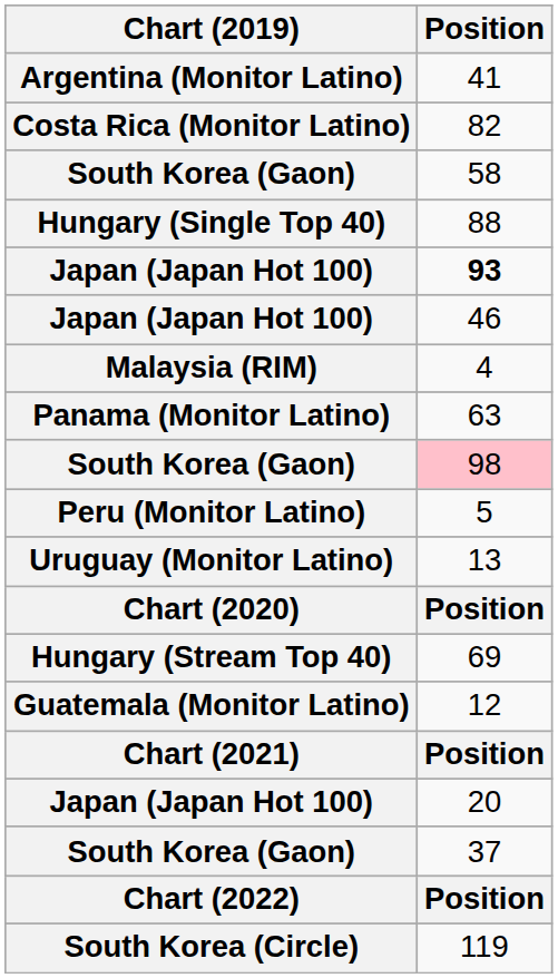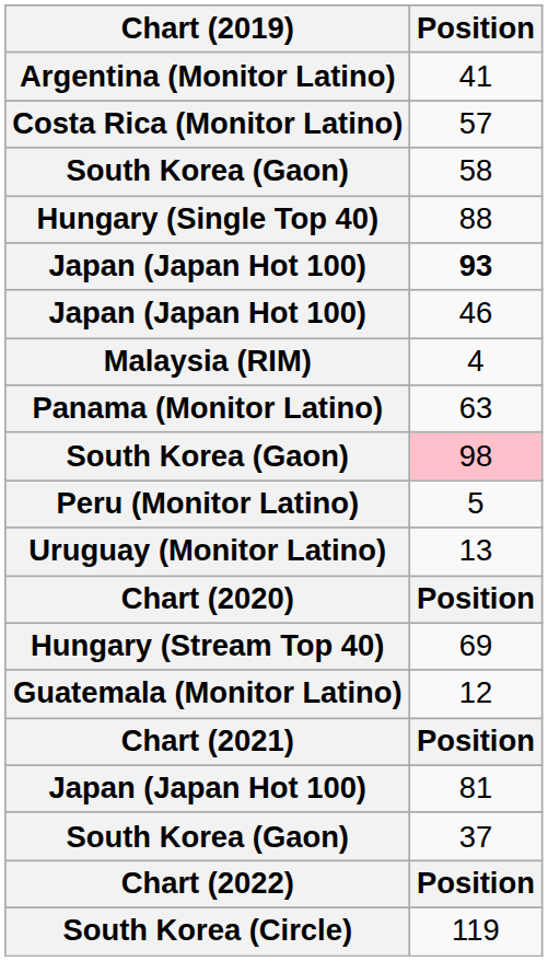 <table class="wikitable sortable plainrowheaders" style="text-align:center">
 <tr>
 <th scope="col">Chart (2019)</th>
 <th scope="col">Position</th>
 </tr>
 <tr>
 <th scope="row">Argentina (Monitor Latino)</th>
 <td>41</td>
 </tr>
 <tr>
 <th scope="row">Costa Rica (Monitor Latino)</th>
-<td>82</td>
+<td>57</td>
 </tr>
 <tr>
 <th scope="row">South Korea (Gaon)</th>
 <td>58</td>
 </tr>
 <tr>
 <th scope="row">Hungary (Single Top 40)</th>
 <td>88</td>
 </tr>
 <tr>
 <th scope="row">Japan (Japan Hot 100)</th>
 <td><strong>93</strong></td>
 </tr>
 <tr>
 <th scope="row">Japan (Japan Hot 100)</th>
 <td>46</td>
 </tr>
 <tr>
 <th scope="row">Malaysia (RIM)</th>
 <td>4</td>
 </tr>
 <tr>
 <th scope="row">Panama (Monitor Latino)</th>
 <td>63</td>
 </tr>
 <tr>
 <th scope="row">South Korea (Gaon)</th>
 <td style="background: pink;">98</td>
 </tr>
 <tr>
 <th scope="row">Peru (Monitor Latino)</th>
 <td>5</td>
 </tr>
 <tr>
 <th scope="row">Uruguay (Monitor Latino)</th>
 <td>13</td>
 </tr>
 <tr>
 <th scope="col">Chart (2020)</th>
 <th scope="col">Position</th>
 </tr>
 <tr>
 <th scope="row">Hungary (Stream Top 40)</th>
 <td>69</td>
 </tr>
 <tr>
 <th scope="row">Guatemala (Monitor Latino)</th>
 <td>12</td>
 </tr>
 <tr>
 <th scope="col">Chart (2021)</th>
 <th scope="col">Position</th>
 </tr>
 <tr>
 <th scope="row">Japan (Japan Hot 100)</th>
-<td>20</td>
+<td>81</td>
 </tr>
 <tr>
 <th scope="row">South Korea (Gaon)</th>
 <td>37</td>
 </tr>
 <tr>
 <th scope="col">Chart (2022)</th>
 <th scope="col">Position</th>
 </tr>
 <tr>
 <th scope="row">South Korea (Circle)</th>
 <td>119</td>
 </tr>
 </table>
